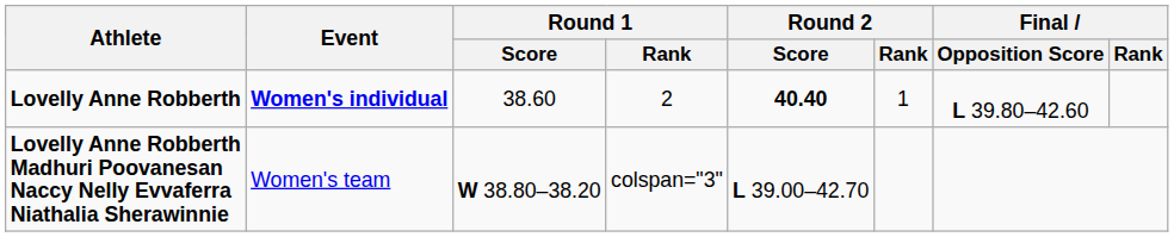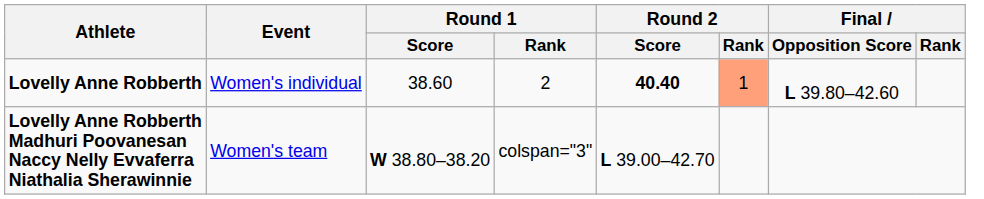 <table class="wikitable" style="font-size:90%;text-align:center">
 <tr>
 <th rowspan="2">Athlete</th>
 <th rowspan="2">Event</th>
 <th colspan="2">Round 1</th>
 <th colspan="2">Round 2</th>
 <th colspan="2">Final / </th>
 </tr>
 <tr style=font-size:95%>
 <th>Score</th>
 <th>Rank</th>
 <th>Score</th>
 <th>Rank</th>
 <th>Opposition Score</th>
 <th>Rank</th>
 </tr>
 <tr>
 <td align="left"><strong>Lovelly Anne Robberth</strong></td>
-<td align="left"><strong><a href='#'>Women's individual</a></strong></td>
+<td align="left"><a href='#'>Women's individual</a></td>
 <td>38.60</td>
 <td>2 <strong></strong></td>
 <td><strong>40.40</strong></td>
-<td>1 <strong></strong></td>
+<td style="background: lightsalmon;">1 <strong></strong></td>
 <td><br><strong>L</strong> 39.80–42.60</td>
 <td></td>
 </tr>
 <tr>
 <td align="left"><strong>Lovelly Anne Robberth<br>Madhuri Poovanesan<br>Naccy Nelly Evvaferra<br>Niathalia Sherawinnie</strong></td>
 <td align="left"><a href='#'>Women's team</a></td>
 <td><br><strong>W</strong> 38.80–38.20</td>
 <td>colspan="3"  </td>
 <td><br><strong>L</strong> 39.00–42.70</td>
 <td></td>
 </tr>
 </table>
